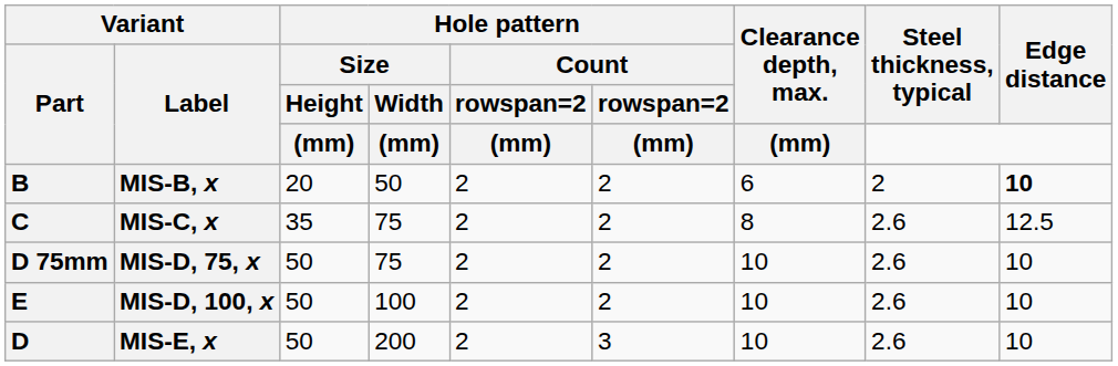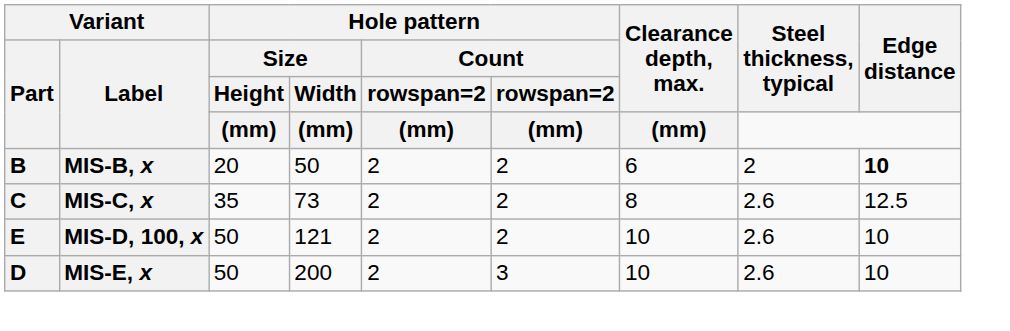 <table class="wikitable">
 <tr>
 <th colspan="2">Variant</th>
 <th colspan="4">Hole pattern</th>
 <th rowspan=3>Clearance <br>depth, <br>max.</th>
 <th rowspan=3>Steel <br>thickness, <br>typical</th>
 <th rowspan=3>Edge <br>distance</th>
 </tr>
 <tr>
 <th rowspan=3>Part</th>
 <th rowspan=3>Label</th>
 <th colspan="2">Size</th>
 <th colspan="2">Count</th>
 </tr>
 <tr>
 <th>Height</th>
 <th>Width</th>
 <th>rowspan=2 </th>
 <th>rowspan=2 </th>
 </tr>
 <tr>
 <th>(mm)</th>
 <th>(mm)</th>
 <th>(mm)</th>
 <th>(mm)</th>
 <th>(mm)</th>
 </tr>
 <tr>
 <th style="text-align:left" scope="row">B</th>
 <th style="text-align:left" scope="row">MIS-B, <em>x</em></th>
 <td>20</td>
 <td>50</td>
 <td>2</td>
 <td>2</td>
 <td>6</td>
 <td>2</td>
 <td><strong>10</strong></td>
 </tr>
 <tr>
 <th style="text-align:left" scope="row">C</th>
 <th style="text-align:left" scope="row">MIS-C, <em>x</em></th>
 <td>35</td>
-<td>75</td>
+<td>73</td>
 <td>2</td>
 <td>2</td>
 <td>8</td>
 <td>2.6</td>
 <td>12.5</td>
 </tr>
 <tr>
-<th style="text-align:left" scope="row">D 75mm</th>
-<th style="text-align:left" scope="row">MIS-D, 75, <em>x</em></th>
-<td>50</td>
-<td>75</td>
-<td>2</td>
-<td>2</td>
-<td>10</td>
-<td>2.6</td>
-<td>10</td>
-</tr>
-<tr>
 <th style="text-align:left" scope="row">E</th>
 <th style="text-align:left" scope="row">MIS-D, 100, <em>x</em></th>
 <td>50</td>
-<td>100</td>
+<td>121</td>
 <td>2</td>
 <td>2</td>
 <td>10</td>
 <td>2.6</td>
 <td>10</td>
 </tr>
 <tr>
 <th style="text-align:left" scope="row">D</th>
 <th style="text-align:left" scope="row">MIS-E, <em>x</em></th>
 <td>50</td>
 <td>200</td>
 <td>2</td>
 <td>3</td>
 <td>10</td>
 <td>2.6</td>
 <td>10</td>
 </tr>
 </table>
